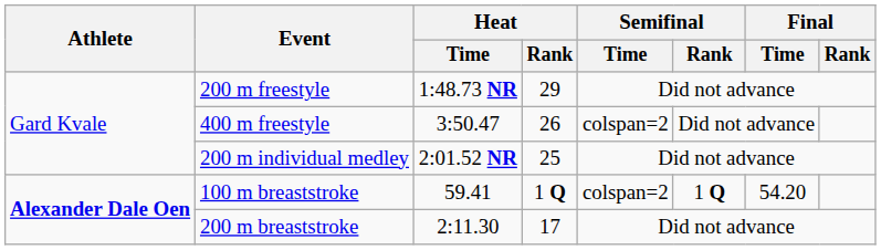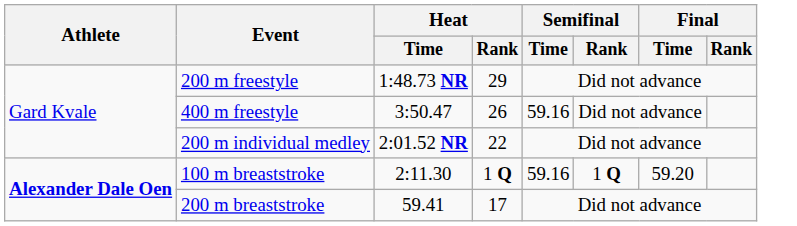 <table class=wikitable style="font-size:90%">
 <tr>
 <th rowspan="2">Athlete</th>
 <th rowspan="2">Event</th>
 <th colspan="2">Heat</th>
 <th colspan="2">Semifinal</th>
 <th colspan="2">Final</th>
 </tr>
 <tr style="font-size:95%">
 <th>Time</th>
 <th>Rank</th>
 <th>Time</th>
 <th>Rank</th>
 <th>Time</th>
 <th>Rank</th>
 </tr>
 <tr align=center>
 <td align=left rowspan=3><a href='#'>Gard Kvale</a></td>
 <td align=left><a href='#'>200 m freestyle</a></td>
 <td>1:48.73 <strong><a href='#'>NR</a></strong></td>
 <td>29</td>
 <td colspan=4>Did not advance</td>
 </tr>
 <tr align=center>
 <td align=left><a href='#'>400 m freestyle</a></td>
 <td>3:50.47</td>
 <td>26</td>
-<td>colspan=2 </td>
+<td>59.16 </td>
 <td colspan=2>Did not advance</td>
 </tr>
 <tr align=center>
 <td align=left><a href='#'>200 m individual medley</a></td>
 <td>2:01.52 <strong><a href='#'>NR</a></strong></td>
-<td>25</td>
+<td>22</td>
 <td colspan=4>Did not advance</td>
 </tr>
 <tr align=center>
 <td align=left rowspan=2><strong><a href='#'>Alexander Dale Oen</a></strong></td>
 <td align=left><a href='#'>100 m breaststroke</a></td>
-<td>59.41 </td>
+<td>2:11.30</td>
 <td>1 <strong>Q</strong></td>
-<td>colspan=2 </td>
+<td>59.16 </td>
 <td>1 <strong>Q</strong></td>
-<td>54.20</td>
+<td>59.20</td>
 <td></td>
 </tr>
 <tr align=center>
 <td align=left><a href='#'>200 m breaststroke</a></td>
-<td>2:11.30</td>
+<td>59.41 </td>
 <td>17</td>
 <td colspan=4>Did not advance</td>
 </tr>
 </table>
